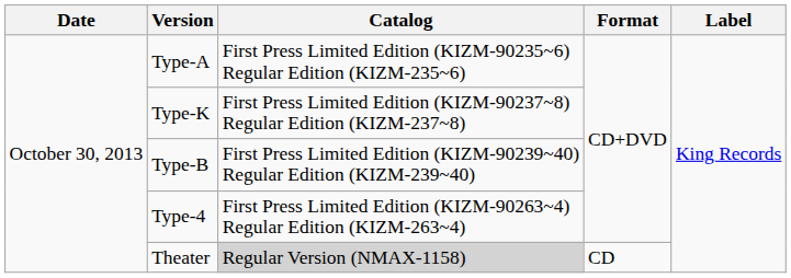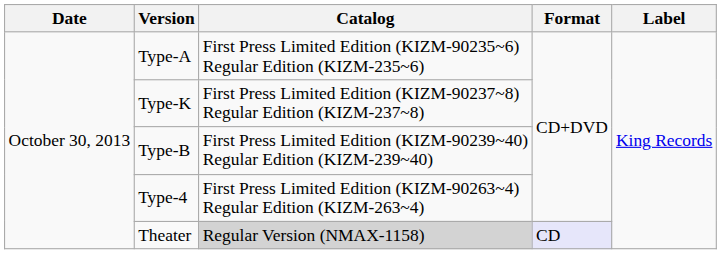 <table class="wikitable plainrowheaders">
 <tr>
 <th scope="col">Date</th>
 <th>Version</th>
 <th>Catalog</th>
 <th>Format</th>
 <th>Label</th>
 </tr>
 <tr>
 <td scope="row" rowspan="5">October 30, 2013</td>
 <td>Type-A</td>
 <td>First Press Limited Edition (KIZM-90235~6)<br>Regular Edition (KIZM-235~6)</td>
 <td scope="row" rowspan="4">CD+DVD</td>
 <td scope="row" rowspan="5"><a href='#'>King Records</a></td>
 </tr>
 <tr>
 <td>Type-K</td>
 <td>First Press Limited Edition (KIZM-90237~8)<br>Regular Edition (KIZM-237~8)</td>
 </tr>
 <tr>
 <td>Type-B</td>
 <td>First Press Limited Edition (KIZM-90239~40)<br>Regular Edition (KIZM-239~40)</td>
 </tr>
 <tr>
 <td>Type-4</td>
 <td>First Press Limited Edition (KIZM-90263~4)<br>Regular Edition (KIZM-263~4)</td>
 </tr>
 <tr>
 <td>Theater</td>
 <td style="background: lightgrey;">Regular Version (NMAX-1158)</td>
-<td>CD</td>
+<td style="background: lavender;">CD</td>
 </tr>
 </table>
